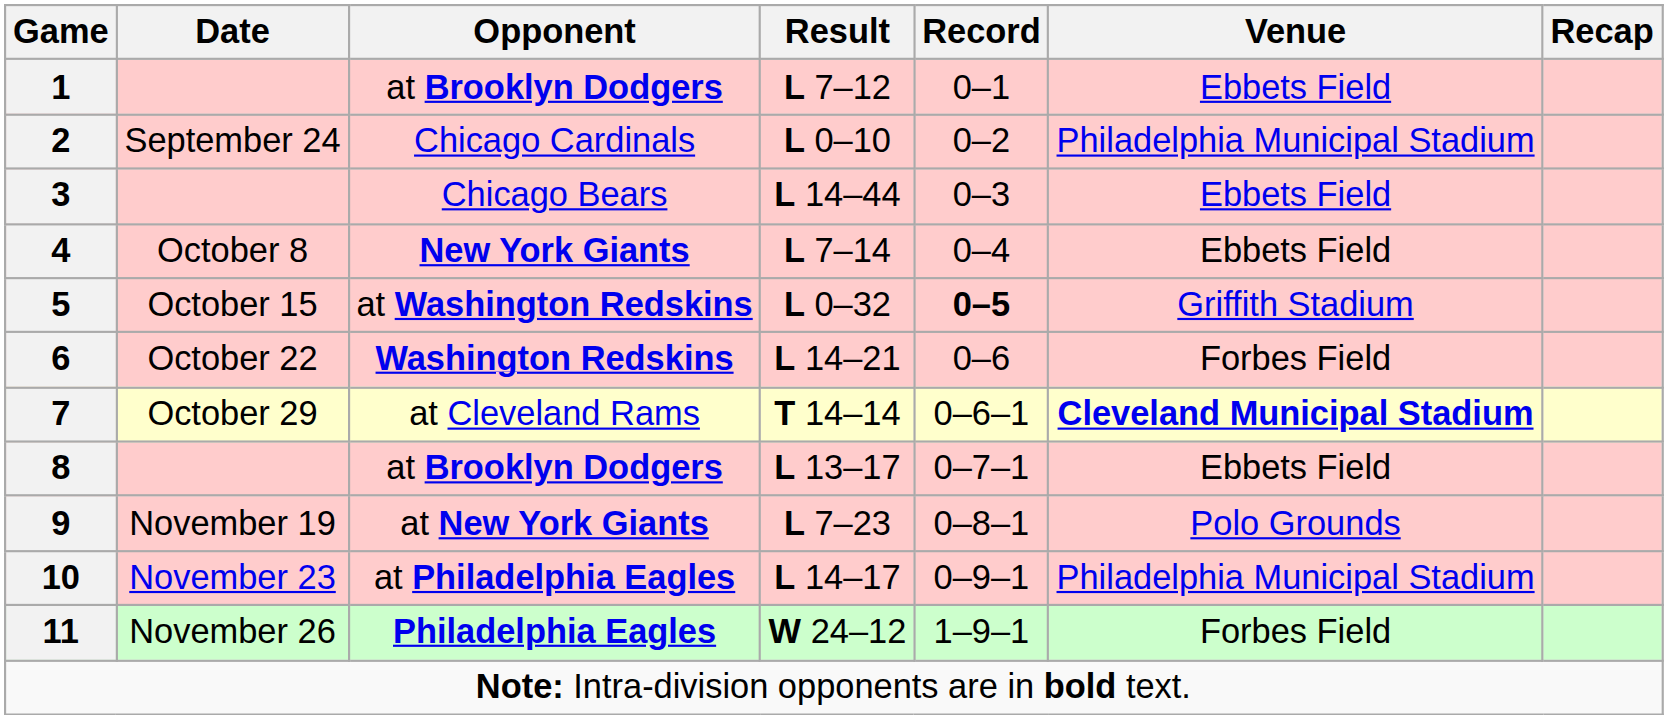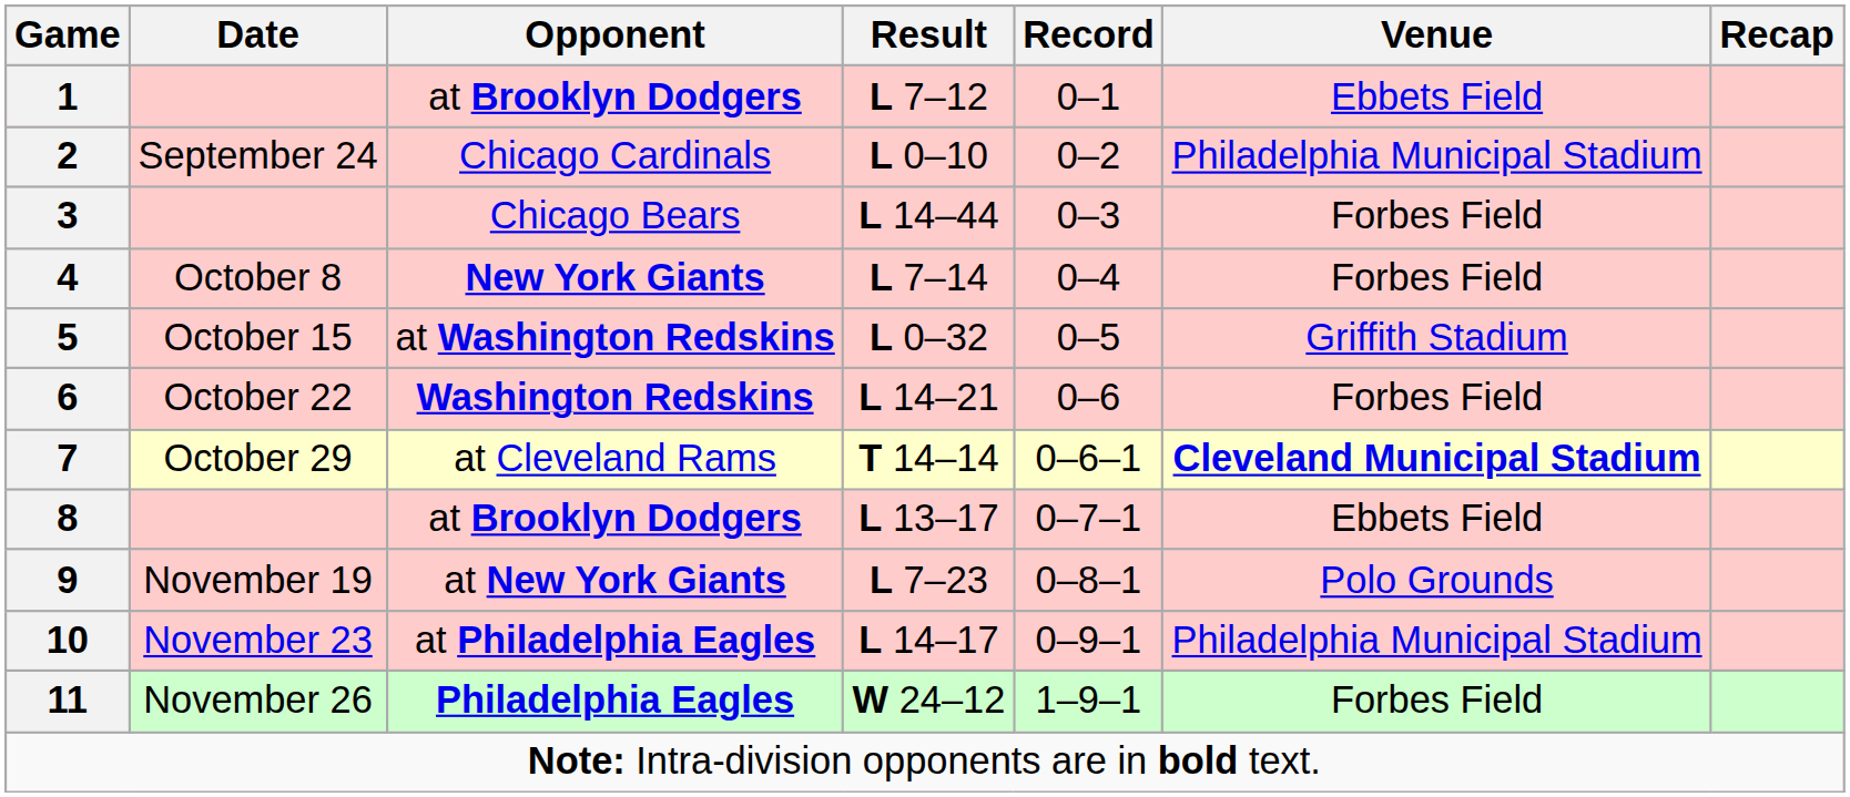 <table class="wikitable" style="text-align:center">
 <tr>
 <th>Game</th>
 <th>Date</th>
 <th>Opponent</th>
 <th>Result</th>
 <th>Record</th>
 <th>Venue</th>
 <th>Recap</th>
 </tr>
 <tr style="background:#fcc">
 <th>1</th>
 <td></td>
 <td>at <strong><a href='#'>Brooklyn Dodgers</a></strong></td>
 <td><strong>L</strong> 7–12</td>
 <td>0–1</td>
 <td><a href='#'>Ebbets Field</a></td>
 <td></td>
 </tr>
 <tr style="background:#fcc">
 <th>2</th>
 <td>September 24</td>
 <td><a href='#'>Chicago Cardinals</a></td>
 <td><strong>L</strong> 0–10</td>
 <td>0–2</td>
 <td><a href='#'>Philadelphia Municipal Stadium</a></td>
 <td></td>
 </tr>
 <tr style="background:#fcc">
 <th>3</th>
 <td></td>
 <td><a href='#'>Chicago Bears</a></td>
 <td><strong>L</strong> 14–44</td>
 <td>0–3</td>
-<td><a href='#'>Ebbets Field</a></td>
+<td>Forbes Field</td>
 <td></td>
 </tr>
 <tr style="background:#fcc">
 <th>4</th>
 <td>October 8</td>
 <td><strong><a href='#'>New York Giants</a></strong></td>
 <td><strong>L</strong> 7–14</td>
 <td>0–4</td>
-<td>Ebbets Field</td>
+<td>Forbes Field</td>
 <td></td>
 </tr>
 <tr style="background:#fcc">
 <th>5</th>
 <td>October 15</td>
 <td>at <strong><a href='#'>Washington Redskins</a></strong></td>
 <td><strong>L</strong> 0–32</td>
-<td><strong>0–5</strong></td>
+<td>0–5</td>
 <td><a href='#'>Griffith Stadium</a></td>
 <td></td>
 </tr>
 <tr style="background:#fcc">
 <th>6</th>
 <td>October 22</td>
 <td><strong><a href='#'>Washington Redskins</a></strong></td>
 <td><strong>L</strong> 14–21</td>
 <td>0–6</td>
 <td>Forbes Field</td>
 <td></td>
 </tr>
 <tr style="background:#ffc">
 <th>7</th>
 <td>October 29</td>
 <td>at <a href='#'>Cleveland Rams</a></td>
 <td><strong>T</strong> 14–14</td>
 <td>0–6–1</td>
 <td><strong><a href='#'>Cleveland Municipal Stadium</a></strong></td>
 <td></td>
 </tr>
 <tr style="background:#fcc">
 <th>8</th>
 <td></td>
 <td>at <strong><a href='#'>Brooklyn Dodgers</a></strong></td>
 <td><strong>L</strong> 13–17</td>
 <td>0–7–1</td>
 <td>Ebbets Field</td>
 <td></td>
 </tr>
 <tr style="background:#fcc">
 <th>9</th>
 <td>November 19</td>
 <td>at <strong><a href='#'>New York Giants</a></strong></td>
 <td><strong>L</strong> 7–23</td>
 <td>0–8–1</td>
 <td><a href='#'>Polo Grounds</a></td>
 <td></td>
 </tr>
 <tr style="background:#fcc">
 <th>10</th>
 <td><a href='#'>November 23</a></td>
 <td>at <strong><a href='#'>Philadelphia Eagles</a></strong></td>
 <td><strong>L</strong> 14–17</td>
 <td>0–9–1</td>
 <td><a href='#'>Philadelphia Municipal Stadium</a></td>
 <td></td>
 </tr>
 <tr style="background:#cfc">
 <th>11</th>
 <td>November 26</td>
 <td><strong><a href='#'>Philadelphia Eagles</a></strong></td>
 <td><strong>W</strong> 24–12</td>
 <td>1–9–1</td>
 <td>Forbes Field</td>
 <td></td>
 </tr>
 <tr>
 <td colspan="8"><strong>Note:</strong> Intra-division opponents are in <strong>bold</strong> text.</td>
 </tr>
 </table>
